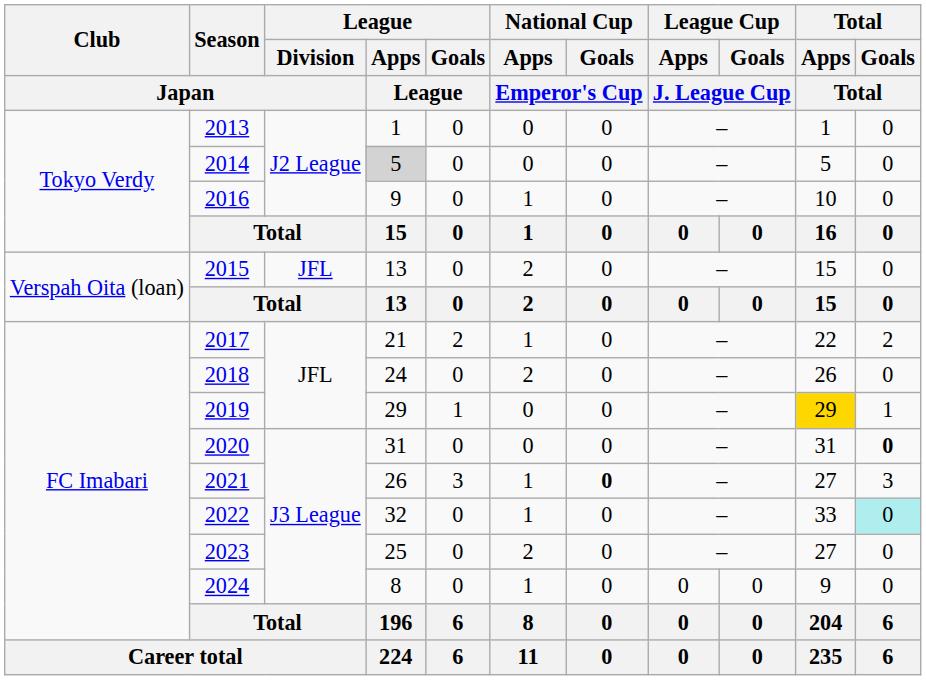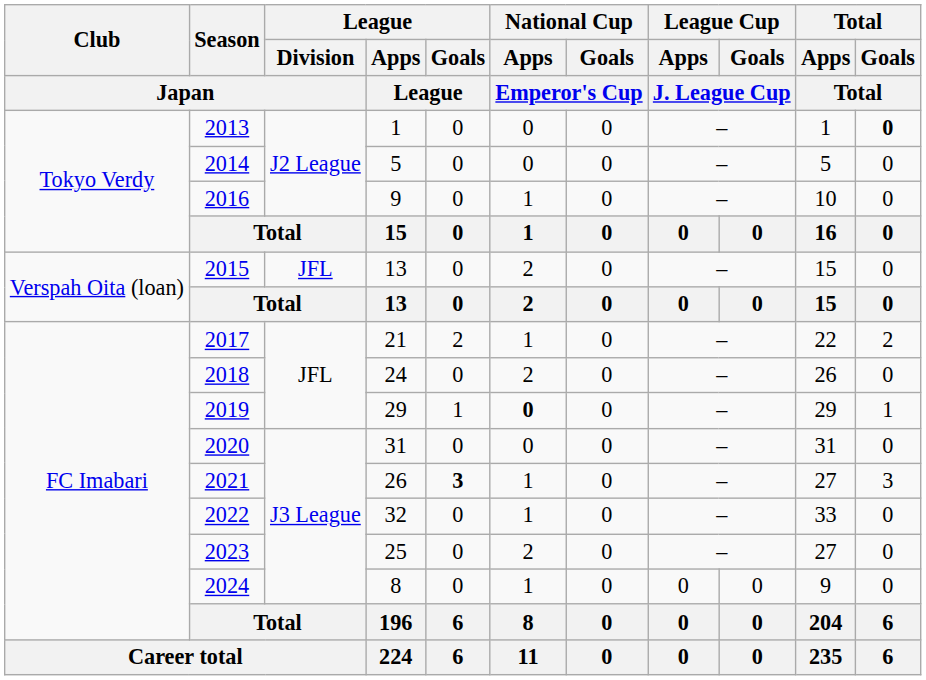 <table class="wikitable" style="text-align:center">
 <tr>
 <th rowspan=2>Club</th>
 <th rowspan=2>Season</th>
 <th colspan=3>League</th>
 <th colspan=2>National Cup</th>
 <th colspan=2>League Cup</th>
 <th colspan=2>Total</th>
 </tr>
 <tr>
 <th>Division</th>
 <th>Apps</th>
 <th>Goals</th>
 <th>Apps</th>
 <th>Goals</th>
 <th>Apps</th>
 <th>Goals</th>
 <th>Apps</th>
 <th>Goals</th>
 </tr>
 <tr>
 <th colspan=3>Japan</th>
 <th colspan=2>League</th>
 <th colspan=2><a href='#'>Emperor's Cup</a></th>
 <th colspan=2><a href='#'>J. League Cup</a></th>
 <th colspan=2>Total</th>
 </tr>
 <tr>
 <td rowspan="4"><a href='#'>Tokyo Verdy</a></td>
 <td><a href='#'>2013</a></td>
 <td rowspan="3"><a href='#'>J2 League</a></td>
 <td>1</td>
 <td>0</td>
 <td>0</td>
 <td>0</td>
 <td colspan="2">–</td>
 <td>1</td>
-<td>0</td>
+<td><strong>0</strong></td>
 </tr>
 <tr>
 <td><a href='#'>2014</a></td>
-<td style="background: lightgrey;">5</td>
+<td>5</td>
 <td>0</td>
 <td>0</td>
 <td>0</td>
 <td colspan="2">–</td>
 <td>5</td>
 <td>0</td>
 </tr>
 <tr>
 <td><a href='#'>2016</a></td>
 <td>9</td>
 <td>0</td>
 <td>1</td>
 <td>0</td>
 <td colspan="2">–</td>
 <td>10</td>
 <td>0</td>
 </tr>
 <tr>
 <th colspan="2">Total</th>
 <th>15</th>
 <th>0</th>
 <th>1</th>
 <th>0</th>
 <th>0</th>
 <th>0</th>
 <th>16</th>
 <th>0</th>
 </tr>
 <tr>
 <td rowspan="2"><a href='#'>Verspah Oita</a> (loan)</td>
 <td><a href='#'>2015</a></td>
 <td><a href='#'>JFL</a></td>
 <td>13</td>
 <td>0</td>
 <td>2</td>
 <td>0</td>
 <td colspan="2">–</td>
 <td>15</td>
 <td>0</td>
 </tr>
 <tr>
 <th colspan="2">Total</th>
 <th>13</th>
 <th>0</th>
 <th>2</th>
 <th>0</th>
 <th>0</th>
 <th>0</th>
 <th>15</th>
 <th>0</th>
 </tr>
 <tr>
 <td rowspan="9"><a href='#'>FC Imabari</a></td>
 <td><a href='#'>2017</a></td>
 <td rowspan="3">JFL</td>
 <td>21</td>
 <td>2</td>
 <td>1</td>
 <td>0</td>
 <td colspan="2">–</td>
 <td>22</td>
 <td>2</td>
 </tr>
 <tr>
 <td><a href='#'>2018</a></td>
 <td>24</td>
 <td>0</td>
 <td>2</td>
 <td>0</td>
 <td colspan="2">–</td>
 <td>26</td>
 <td>0</td>
 </tr>
 <tr>
 <td><a href='#'>2019</a></td>
 <td>29</td>
 <td>1</td>
-<td>0</td>
+<td><strong>0</strong></td>
 <td>0</td>
 <td colspan="2">–</td>
-<td style="background: gold;">29</td>
+<td>29</td>
 <td>1</td>
 </tr>
 <tr>
 <td><a href='#'>2020</a></td>
 <td rowspan="5"><a href='#'>J3 League</a></td>
 <td>31</td>
 <td>0</td>
 <td>0</td>
 <td>0</td>
 <td colspan="2">–</td>
 <td>31</td>
-<td><strong>0</strong></td>
+<td>0</td>
 </tr>
 <tr>
 <td><a href='#'>2021</a></td>
 <td>26</td>
-<td>3</td>
+<td><strong>3</strong></td>
 <td>1</td>
-<td><strong>0</strong></td>
+<td>0</td>
 <td colspan="2">–</td>
 <td>27</td>
 <td>3</td>
 </tr>
 <tr>
 <td><a href='#'>2022</a></td>
 <td>32</td>
 <td>0</td>
 <td>1</td>
 <td>0</td>
 <td colspan="2">–</td>
 <td>33</td>
-<td style="background: paleturquoise;">0</td>
+<td>0</td>
 </tr>
 <tr>
 <td><a href='#'>2023</a></td>
 <td>25</td>
 <td>0</td>
 <td>2</td>
 <td>0</td>
 <td colspan="2">–</td>
 <td>27</td>
 <td>0</td>
 </tr>
 <tr>
 <td><a href='#'>2024</a></td>
 <td>8</td>
 <td>0</td>
 <td>1</td>
 <td>0</td>
 <td>0</td>
 <td>0</td>
 <td>9</td>
 <td>0</td>
 </tr>
 <tr>
 <th colspan="2">Total</th>
 <th>196</th>
 <th>6</th>
 <th>8</th>
 <th>0</th>
 <th>0</th>
 <th>0</th>
 <th>204</th>
 <th>6</th>
 </tr>
 <tr>
 <th colspan=3>Career total</th>
 <th>224</th>
 <th>6</th>
 <th>11</th>
 <th>0</th>
 <th>0</th>
 <th>0</th>
 <th>235</th>
 <th>6</th>
 </tr>
 </table>
